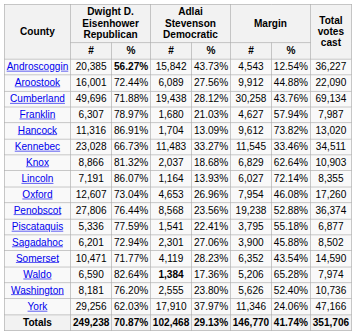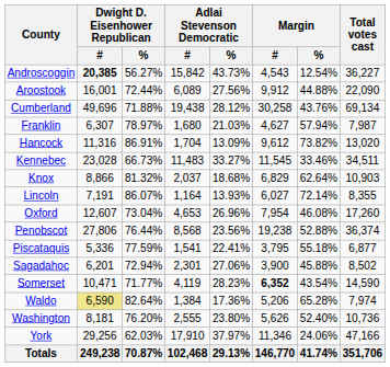 <table width="60%" class="wikitable sortable">
 <tr>
 <th style="text-align:center;" rowspan="2">County</th>
 <th style="text-align:center;" colspan="2">Dwight D. Eisenhower<br>Republican</th>
 <th style="text-align:center;" colspan="2">Adlai Stevenson<br>Democratic</th>
 <th style="text-align:center;" colspan="2">Margin</th>
 <th style="text-align:center;" rowspan="2">Total votes cast</th>
 </tr>
 <tr>
 <th style="text-align:center;" data-sort-type="number">#</th>
 <th style="text-align:center;" data-sort-type="number">%</th>
 <th style="text-align:center;" data-sort-type="number">#</th>
 <th style="text-align:center;" data-sort-type="number">%</th>
 <th style="text-align:center;" data-sort-type="number">#</th>
 <th style="text-align:center;" data-sort-type="number">%</th>
 </tr>
 <tr style="text-align:center;">
 <td><a href='#'>Androscoggin</a></td>
-<td>20,385</td>
-<td><strong>56.27%</strong></td>
+<td><strong>20,385</strong></td>
+<td>56.27%</td>
 <td>15,842</td>
 <td>43.73%</td>
 <td>4,543</td>
 <td>12.54%</td>
 <td>36,227</td>
 </tr>
 <tr style="text-align:center;">
 <td><a href='#'>Aroostook</a></td>
 <td>16,001</td>
 <td>72.44%</td>
 <td>6,089</td>
 <td>27.56%</td>
 <td>9,912</td>
 <td>44.88%</td>
 <td>22,090</td>
 </tr>
 <tr style="text-align:center;">
 <td><a href='#'>Cumberland</a></td>
 <td>49,696</td>
 <td>71.88%</td>
 <td>19,438</td>
 <td>28.12%</td>
 <td>30,258</td>
 <td>43.76%</td>
 <td>69,134</td>
 </tr>
 <tr style="text-align:center;">
 <td><a href='#'>Franklin</a></td>
 <td>6,307</td>
 <td>78.97%</td>
 <td>1,680</td>
 <td>21.03%</td>
 <td>4,627</td>
 <td>57.94%</td>
 <td>7,987</td>
 </tr>
 <tr style="text-align:center;">
 <td><a href='#'>Hancock</a></td>
 <td>11,316</td>
 <td>86.91%</td>
 <td>1,704</td>
 <td>13.09%</td>
 <td>9,612</td>
 <td>73.82%</td>
 <td>13,020</td>
 </tr>
 <tr style="text-align:center;">
 <td><a href='#'>Kennebec</a></td>
 <td>23,028</td>
 <td>66.73%</td>
 <td>11,483</td>
 <td>33.27%</td>
 <td>11,545</td>
 <td>33.46%</td>
 <td>34,511</td>
 </tr>
 <tr style="text-align:center;">
 <td><a href='#'>Knox</a></td>
 <td>8,866</td>
 <td>81.32%</td>
 <td>2,037</td>
 <td>18.68%</td>
 <td>6,829</td>
 <td>62.64%</td>
 <td>10,903</td>
 </tr>
 <tr style="text-align:center;">
 <td><a href='#'>Lincoln</a></td>
 <td>7,191</td>
 <td>86.07%</td>
 <td>1,164</td>
 <td>13.93%</td>
 <td>6,027</td>
 <td>72.14%</td>
 <td>8,355</td>
 </tr>
 <tr style="text-align:center;">
 <td><a href='#'>Oxford</a></td>
 <td>12,607</td>
 <td>73.04%</td>
 <td>4,653</td>
 <td>26.96%</td>
 <td>7,954</td>
 <td>46.08%</td>
 <td>17,260</td>
 </tr>
 <tr style="text-align:center;">
 <td><a href='#'>Penobscot</a></td>
 <td>27,806</td>
 <td>76.44%</td>
 <td>8,568</td>
 <td>23.56%</td>
 <td>19,238</td>
 <td>52.88%</td>
 <td>36,374</td>
 </tr>
 <tr style="text-align:center;">
 <td><a href='#'>Piscataquis</a></td>
 <td>5,336</td>
 <td>77.59%</td>
 <td>1,541</td>
 <td>22.41%</td>
 <td>3,795</td>
 <td>55.18%</td>
 <td>6,877</td>
 </tr>
 <tr style="text-align:center;">
 <td><a href='#'>Sagadahoc</a></td>
 <td>6,201</td>
 <td>72.94%</td>
 <td>2,301</td>
 <td>27.06%</td>
 <td>3,900</td>
 <td>45.88%</td>
 <td>8,502</td>
 </tr>
 <tr style="text-align:center;">
 <td><a href='#'>Somerset</a></td>
 <td>10,471</td>
 <td>71.77%</td>
 <td>4,119</td>
 <td>28.23%</td>
-<td>6,352</td>
+<td><strong>6,352</strong></td>
 <td>43.54%</td>
 <td>14,590</td>
 </tr>
 <tr style="text-align:center;">
 <td><a href='#'>Waldo</a></td>
-<td>6,590</td>
+<td style="background: khaki;">6,590</td>
 <td>82.64%</td>
-<td><strong>1,384</strong></td>
+<td>1,384</td>
 <td>17.36%</td>
 <td>5,206</td>
 <td>65.28%</td>
 <td>7,974</td>
 </tr>
 <tr style="text-align:center;">
 <td><a href='#'>Washington</a></td>
 <td>8,181</td>
 <td>76.20%</td>
 <td>2,555</td>
 <td>23.80%</td>
 <td>5,626</td>
 <td>52.40%</td>
 <td>10,736</td>
 </tr>
 <tr style="text-align:center;">
 <td><a href='#'>York</a></td>
 <td>29,256</td>
 <td>62.03%</td>
 <td>17,910</td>
 <td>37.97%</td>
 <td>11,346</td>
 <td>24.06%</td>
 <td>47,166</td>
 </tr>
 <tr style="text-align:center;">
 <th>Totals</th>
 <th>249,238</th>
 <th>70.87%</th>
 <th>102,468</th>
 <th>29.13%</th>
 <th>146,770</th>
 <th>41.74%</th>
 <th>351,706</th>
 </tr>
 </table>
